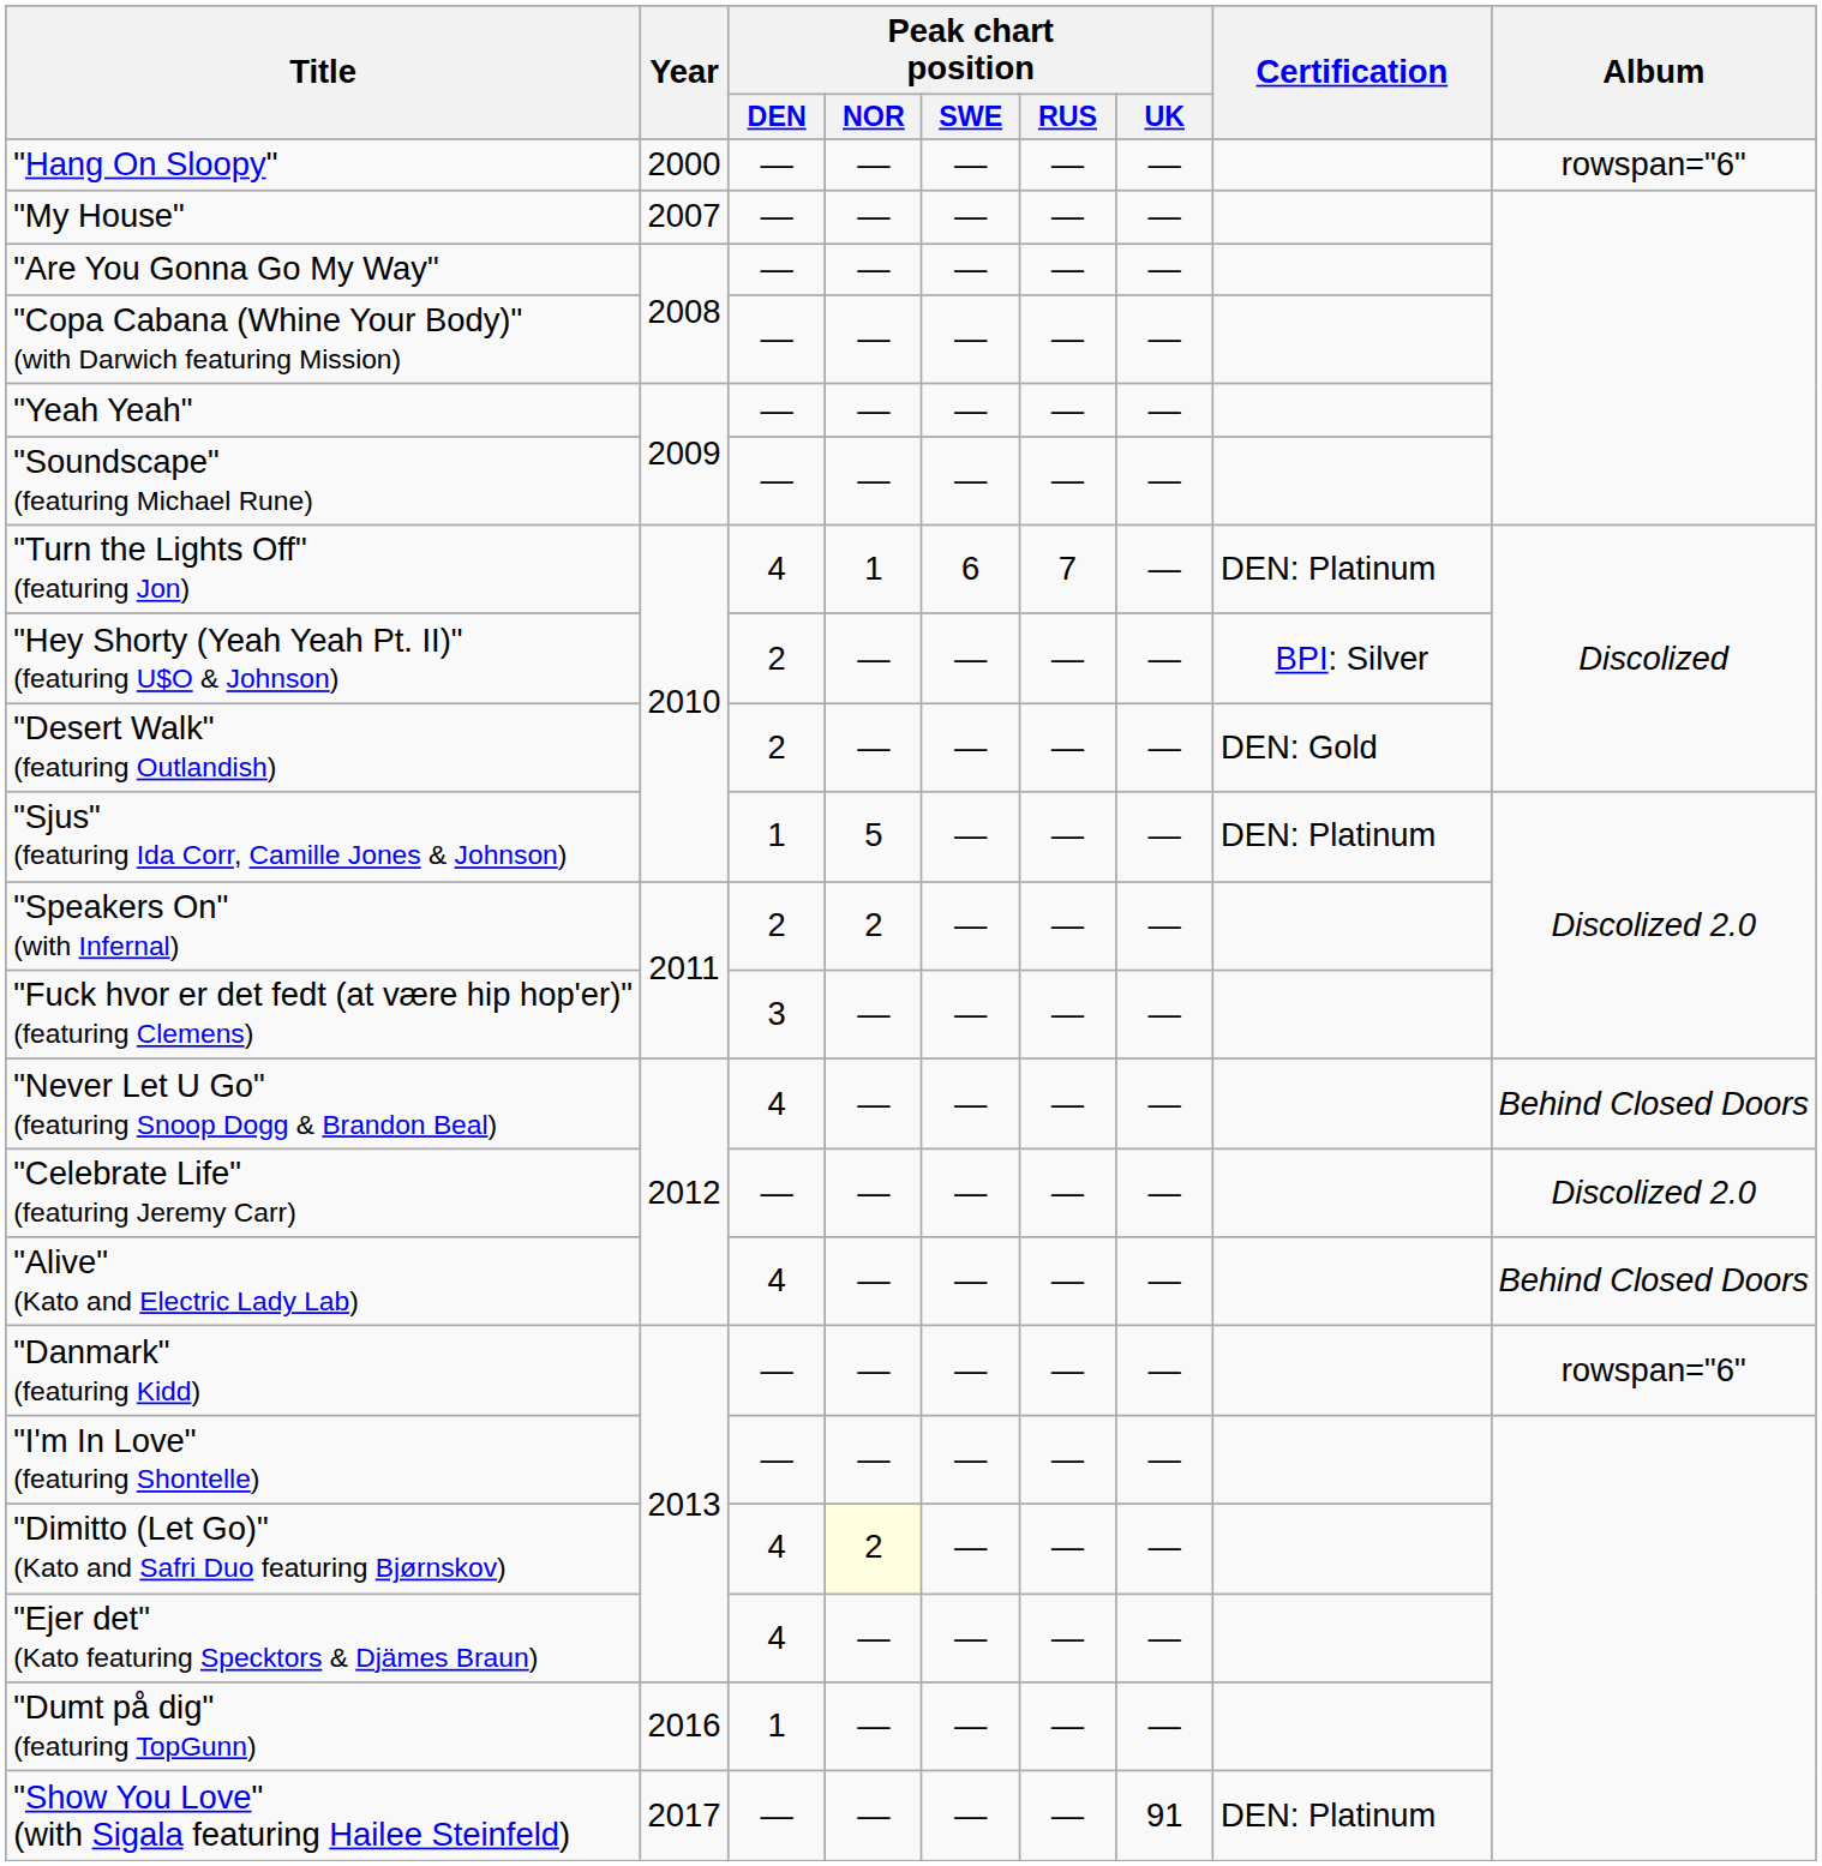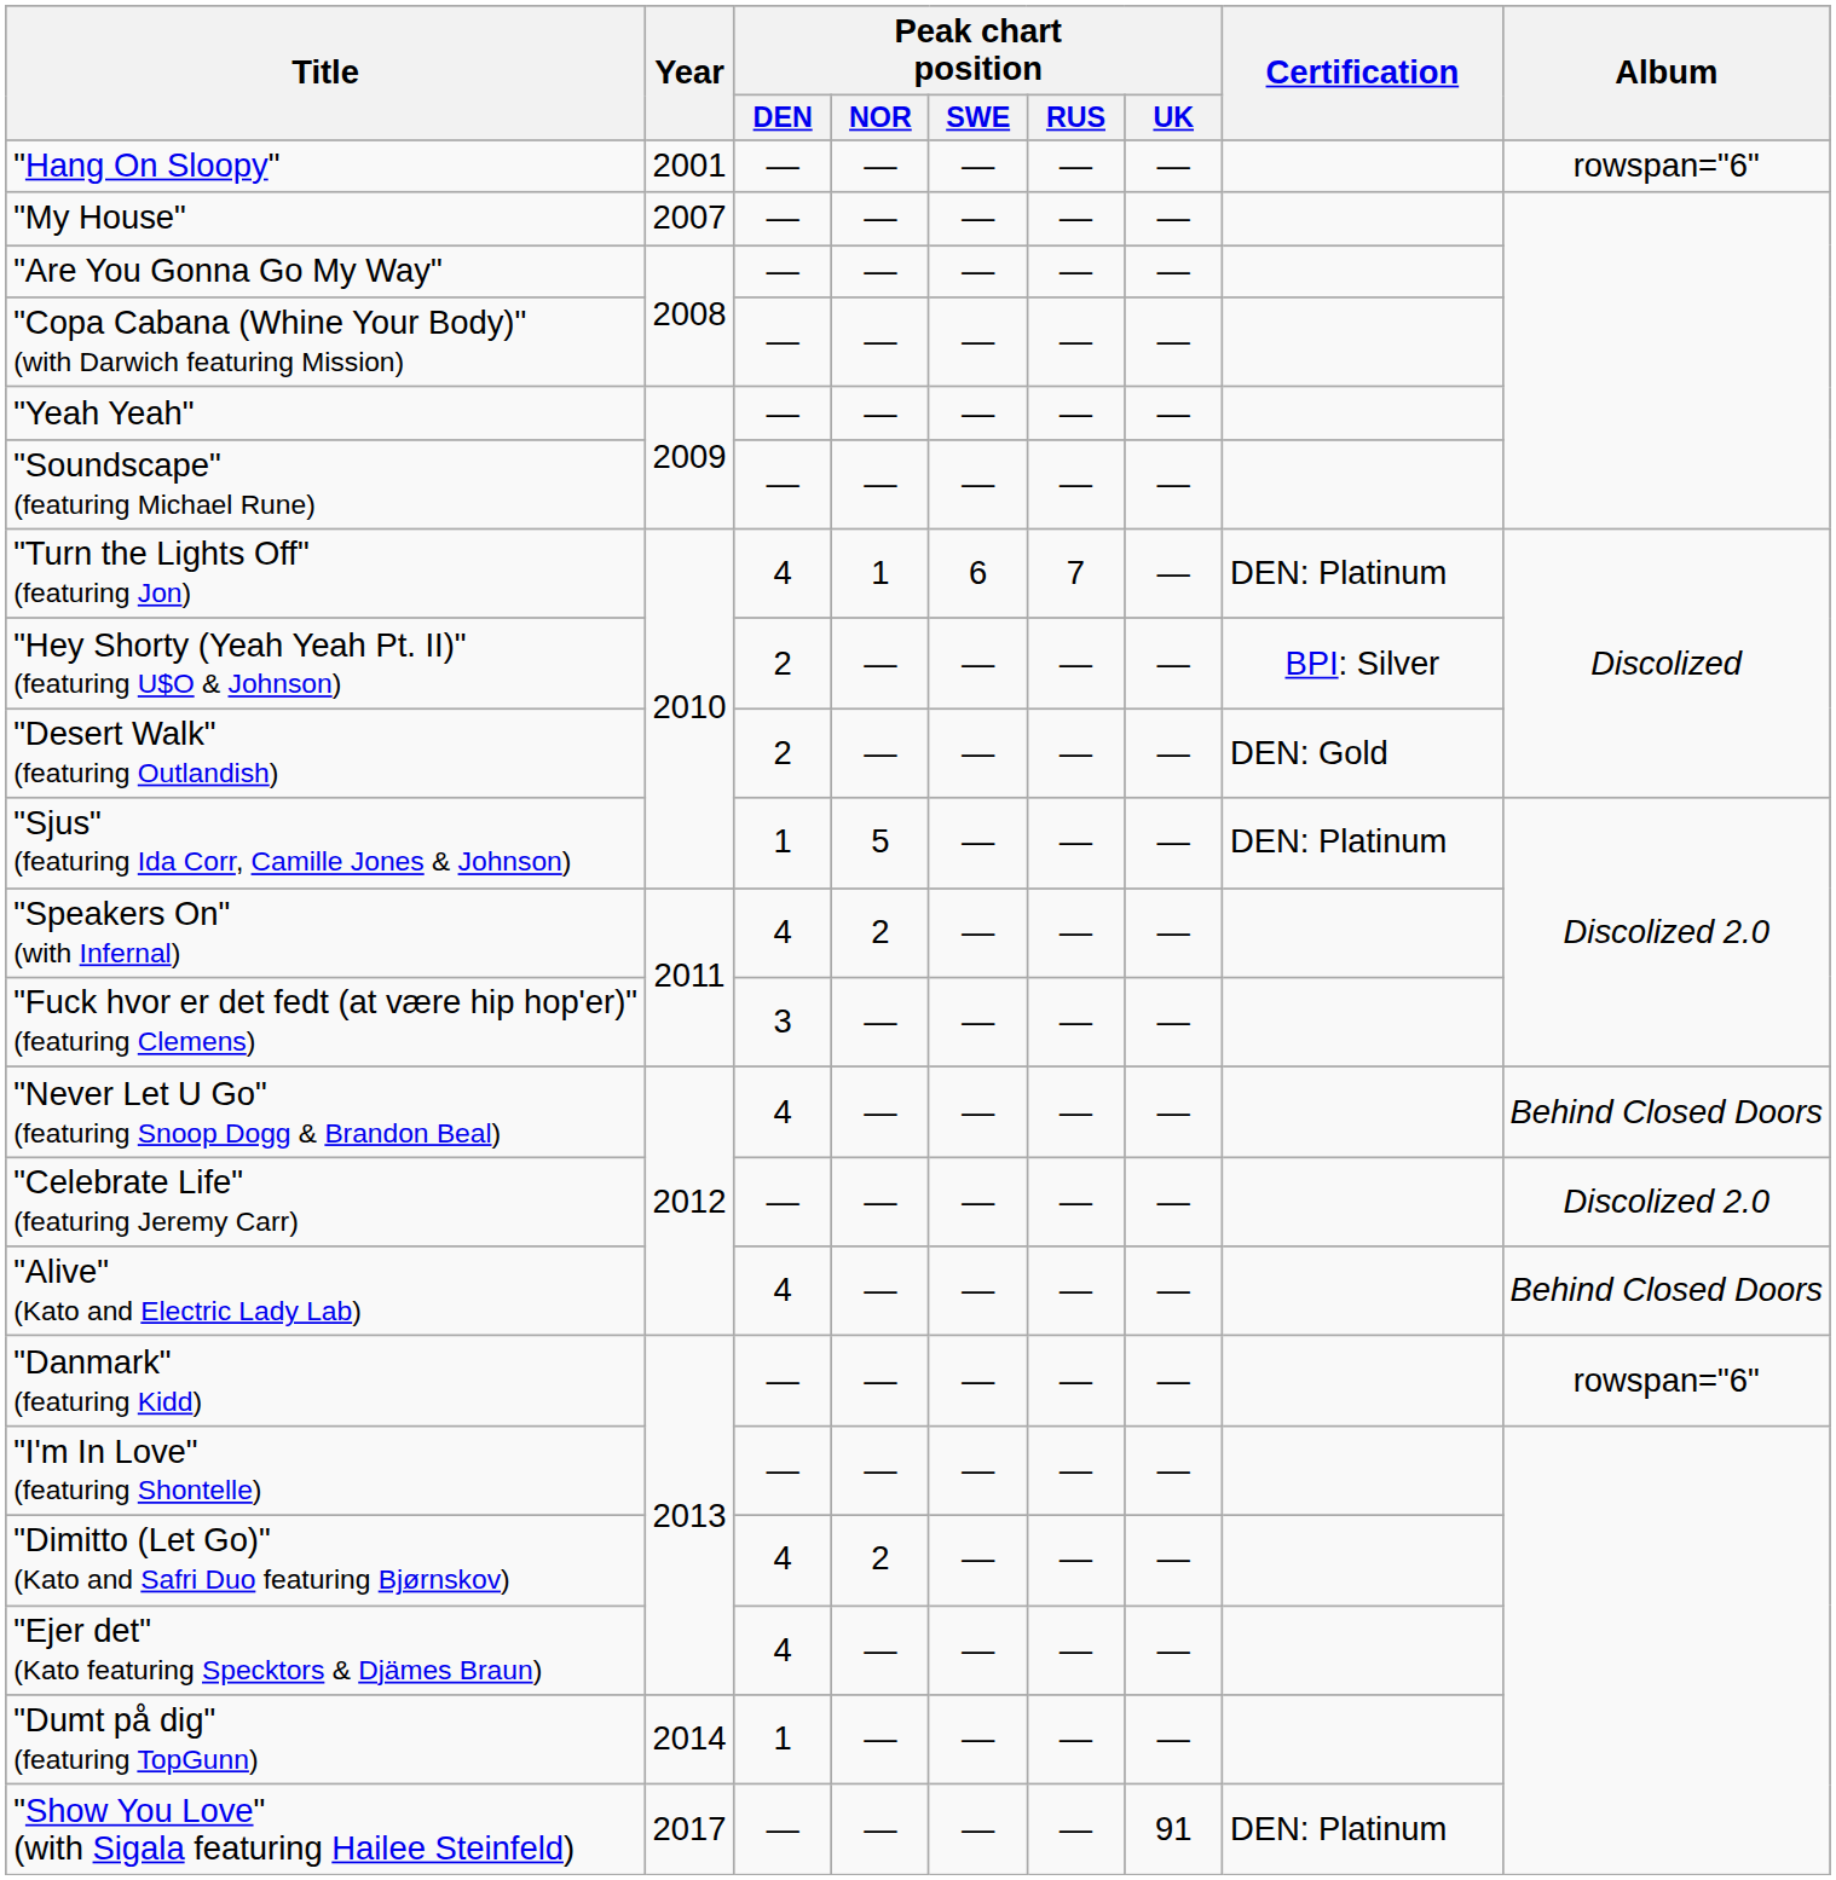 <table class="wikitable plainrowheaders" style="text-align:center;" border="1">
 <tr>
 <th rowspan="2" scope="col" style="text-align:center;">Title</th>
 <th rowspan="2" scope="col" style="text-align:center;">Year</th>
 <th colspan="5" scope="col" style="text-align:center;">Peak chart<br>position</th>
 <th rowspan="2" scope="col" style="text-align:center;width:8em;"><a href='#'>Certification</a></th>
 <th rowspan="2" scope="col" style="text-align:center;">Album</th>
 </tr>
 <tr>
 <th scope="col" style="width:3em;font-size:85%;"><a href='#'>DEN</a><br></th>
 <th scope="col" style="width:3em;font-size:85%;"><a href='#'>NOR</a><br></th>
 <th scope="col" style="width:3em;font-size:85%;"><a href='#'>SWE</a><br></th>
 <th scope="col" style="width:3em;font-size:85%;"><a href='#'>RUS</a><br></th>
 <th scope="col" style="width:3em;font-size:85%;"><a href='#'>UK</a><br></th>
 </tr>
 <tr>
 <td align="left">"<a href='#'>Hang On Sloopy</a>"</td>
-<td>2000</td>
+<td>2001</td>
 <td>—</td>
 <td>—</td>
 <td>—</td>
 <td>—</td>
 <td>—</td>
 <td align="left"></td>
 <td>rowspan="6" </td>
 </tr>
 <tr>
 <td align="left">"My House"</td>
 <td>2007</td>
 <td>—</td>
 <td>—</td>
 <td>—</td>
 <td>—</td>
 <td>—</td>
 <td align="left"></td>
 </tr>
 <tr>
 <td align="left">"Are You Gonna Go My Way"</td>
 <td rowspan="2">2008</td>
 <td>—</td>
 <td>—</td>
 <td>—</td>
 <td>—</td>
 <td>—</td>
 <td align="left"></td>
 </tr>
 <tr>
 <td align="left">"Copa Cabana (Whine Your Body)" <br><small>(with Darwich featuring Mission)</small></td>
 <td>—</td>
 <td>—</td>
 <td>—</td>
 <td>—</td>
 <td>—</td>
 <td align="left"></td>
 </tr>
 <tr>
 <td align="left">"Yeah Yeah"</td>
 <td rowspan="2">2009</td>
 <td>—</td>
 <td>—</td>
 <td>—</td>
 <td>—</td>
 <td>—</td>
 <td align="left"></td>
 </tr>
 <tr>
 <td align="left">"Soundscape" <br><small>(featuring Michael Rune)</small></td>
 <td>—</td>
 <td>—</td>
 <td>—</td>
 <td>—</td>
 <td>—</td>
 <td align="left"></td>
 </tr>
 <tr>
 <td align="left">"Turn the Lights Off" <br><small>(featuring <a href='#'>Jon</a>)</small></td>
 <td rowspan="4">2010</td>
 <td>4</td>
 <td>1</td>
 <td>6</td>
 <td>7</td>
 <td>—</td>
 <td align="left">DEN: Platinum</td>
 <td rowspan="3"><em>Discolized</em></td>
 </tr>
 <tr>
 <td align="left">"Hey Shorty (Yeah Yeah Pt. II)"<br><small>(featuring <a href='#'>U$O</a> & <a href='#'>Johnson</a>)</small></td>
 <td>2</td>
 <td>—</td>
 <td>—</td>
 <td>—</td>
 <td>—</td>
 <td><a href='#'>BPI</a>: Silver</td>
 </tr>
 <tr>
 <td align="left">"Desert Walk"<br><small>(featuring <a href='#'>Outlandish</a>)</small></td>
 <td>2</td>
 <td>—</td>
 <td>—</td>
 <td>—</td>
 <td>—</td>
 <td align="left">DEN: Gold</td>
 </tr>
 <tr>
 <td align="left">"Sjus"<br><small>(featuring <a href='#'>Ida Corr</a>, <a href='#'>Camille Jones</a> & <a href='#'>Johnson</a>)</small></td>
 <td>1</td>
 <td>5</td>
 <td>—</td>
 <td>—</td>
 <td>—</td>
 <td align="left">DEN: Platinum</td>
 <td rowspan="3"><em>Discolized 2.0</em></td>
 </tr>
 <tr>
 <td align="left">"Speakers On"<br><small>(with <a href='#'>Infernal</a>)</small></td>
 <td rowspan="2">2011</td>
-<td>2</td>
+<td>4</td>
 <td>2</td>
 <td>—</td>
 <td>—</td>
 <td>—</td>
 <td align="left"></td>
 </tr>
 <tr>
 <td align="left">"Fuck hvor er det fedt (at være hip hop'er)"<br><small>(featuring <a href='#'>Clemens</a>)</small></td>
 <td>3</td>
 <td>—</td>
 <td>—</td>
 <td>—</td>
 <td>—</td>
 <td align="left"></td>
 </tr>
 <tr>
 <td align="left">"Never Let U Go"<br><small>(featuring <a href='#'>Snoop Dogg</a> & <a href='#'>Brandon Beal</a>)</small></td>
 <td rowspan="3">2012</td>
 <td>4</td>
 <td>—</td>
 <td>—</td>
 <td>—</td>
 <td>—</td>
 <td align="left"></td>
 <td rowspan="1"><em>Behind Closed Doors</em></td>
 </tr>
 <tr>
 <td align="left">"Celebrate Life"<br><small>(featuring Jeremy Carr)</small></td>
 <td>—</td>
 <td>—</td>
 <td>—</td>
 <td>—</td>
 <td>—</td>
 <td align="left"></td>
 <td rowspan="1"><em>Discolized 2.0</em></td>
 </tr>
 <tr>
 <td align="left">"Alive"<br><small>(Kato and <a href='#'>Electric Lady Lab</a>)</small></td>
 <td>4</td>
 <td>—</td>
 <td>—</td>
 <td>—</td>
 <td>—</td>
 <td align="left"></td>
 <td rowspan="1"><em>Behind Closed Doors</em></td>
 </tr>
 <tr>
 <td align="left">"Danmark"<br><small>(featuring <a href='#'>Kidd</a>)</small></td>
 <td rowspan="4">2013</td>
 <td>—</td>
 <td>—</td>
 <td>—</td>
 <td>—</td>
 <td>—</td>
 <td align="left"></td>
 <td>rowspan="6" </td>
 </tr>
 <tr>
 <td align="left">"I'm In Love"<br><small>(featuring <a href='#'>Shontelle</a>)</small></td>
 <td>—</td>
 <td>—</td>
 <td>—</td>
 <td>—</td>
 <td>—</td>
 <td align="left"></td>
 </tr>
 <tr>
 <td align="left">"Dimitto (Let Go)"<br><small>(Kato and <a href='#'>Safri Duo</a> featuring <a href='#'>Bjørnskov</a>)</small></td>
 <td>4</td>
-<td style="background: lightyellow;">2</td>
+<td>2</td>
 <td>—</td>
 <td>—</td>
 <td>—</td>
 <td align="left"></td>
 </tr>
 <tr>
 <td align="left">"Ejer det"<br><small>(Kato featuring <a href='#'>Specktors</a> & <a href='#'>Djämes Braun</a>)</small></td>
 <td>4</td>
 <td>—</td>
 <td>—</td>
 <td>—</td>
 <td>—</td>
 <td align="left"></td>
 </tr>
 <tr>
 <td align="left">"Dumt på dig"<br><small>(featuring <a href='#'>TopGunn</a>)</small></td>
-<td rowspan="1">2016</td>
+<td rowspan="1">2014</td>
 <td>1</td>
 <td>—</td>
 <td>—</td>
 <td>—</td>
 <td>—</td>
 <td align="left"></td>
 </tr>
 <tr>
 <td align="left">"<a href='#'>Show You Love</a>"<br><span>(with <a href='#'>Sigala</a> featuring <a href='#'>Hailee Steinfeld</a>)</span></td>
 <td>2017</td>
 <td>—</td>
 <td>—</td>
 <td>—</td>
 <td>—</td>
 <td>91</td>
 <td align="left">DEN: Platinum</td>
 </tr>
 </table>
